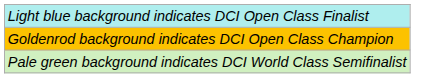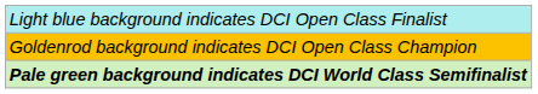 <table class="wikitable" style="font-size:95%;">
 <tr>
 <td style="background-color:#afeeee"><em>Light blue background indicates DCI Open Class Finalist</em></td>
 </tr>
 <tr>
 <td style="background-color:#fcc200"><em>Goldenrod background indicates DCI Open Class Champion</em></td>
 </tr>
 <tr>
-<td style="background-color:#d0f0c0"><em>Pale green background indicates DCI World Class Semifinalist</em></td>
+<td style="background-color:#d0f0c0"><strong><em>Pale green background indicates DCI World Class Semifinalist</em></strong></td>
 </tr>
 </table>
